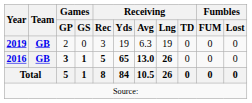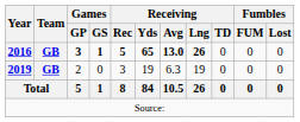 <table class="wikitable" style="text-align: center;">
 <tr>
 <th rowspan="2">Year</th>
 <th rowspan="2">Team</th>
 <th colspan="2">Games</th>
 <th colspan="5">Receiving</th>
 <th colspan="2">Fumbles</th>
 </tr>
 <tr>
 <th>GP</th>
 <th>GS</th>
 <th>Rec</th>
 <th>Yds</th>
 <th>Avg</th>
 <th>Lng</th>
 <th>TD</th>
 <th>FUM</th>
 <th>Lost</th>
 </tr>
 <tr>
+<th><a href='#'>2016</a></th>
+<th><a href='#'>GB</a></th>
+<td><strong>3</strong></td>
+<td><strong>1</strong></td>
+<td><strong>5</strong></td>
+<td><strong>65</strong></td>
+<td><strong>13.0</strong></td>
+<td><strong>26</strong></td>
+<td>0</td>
+<td>0</td>
+<td>0</td>
+</tr>
+<tr>
 <th><a href='#'>2019</a></th>
 <th><a href='#'>GB</a></th>
 <td>2</td>
 <td>0</td>
 <td>3</td>
 <td>19</td>
 <td>6.3</td>
 <td>19</td>
-<td>0</td>
-<td>0</td>
-<td>0</td>
-</tr>
-<tr>
-<th><a href='#'>2016</a></th>
-<th><a href='#'>GB</a></th>
-<td><strong>3</strong></td>
-<td><strong>1</strong></td>
-<td><strong>5</strong></td>
-<td><strong>65</strong></td>
-<td><strong>13.0</strong></td>
-<td><strong>26</strong></td>
 <td>0</td>
 <td>0</td>
 <td>0</td>
 </tr>
 <tr>
 <th colspan="2">Total</th>
 <th>5</th>
 <th>1</th>
 <th>8</th>
 <th>84</th>
 <th>10.5</th>
 <th>26</th>
 <th>0</th>
 <th>0</th>
 <th>0</th>
 </tr>
 <tr>
 <td colspan="11"><small>Source: </small></td>
 </tr>
 </table>
